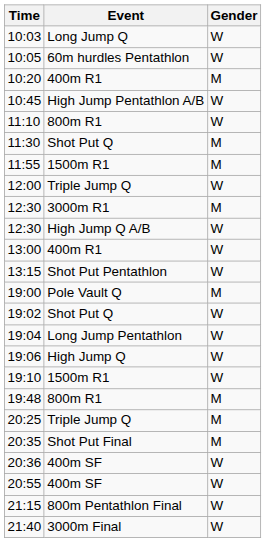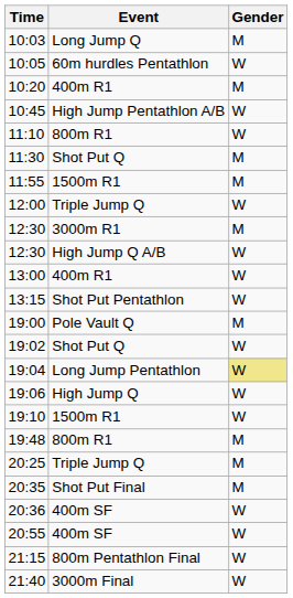 <table class="wikitable" style="display: inline-table;">
 <tr>
 <th>Time</th>
 <th>Event</th>
 <th>Gender</th>
 </tr>
 <tr>
 <td>10:03</td>
 <td>Long Jump Q</td>
-<td>W</td>
+<td>M</td>
 </tr>
 <tr>
 <td>10:05</td>
 <td>60m hurdles Pentathlon</td>
 <td>W</td>
 </tr>
 <tr>
 <td>10:20</td>
 <td>400m R1</td>
 <td>M</td>
 </tr>
 <tr>
 <td>10:45</td>
 <td>High Jump Pentathlon A/B</td>
 <td>W</td>
 </tr>
 <tr>
 <td>11:10</td>
 <td>800m R1</td>
 <td>W</td>
 </tr>
 <tr>
 <td>11:30</td>
 <td>Shot Put Q</td>
 <td>M</td>
 </tr>
 <tr>
 <td>11:55</td>
 <td>1500m R1</td>
 <td>M</td>
 </tr>
 <tr>
 <td>12:00</td>
 <td>Triple Jump Q</td>
 <td>W</td>
 </tr>
 <tr>
 <td>12:30</td>
 <td>3000m R1</td>
 <td>M</td>
 </tr>
 <tr>
 <td>12:30</td>
 <td>High Jump Q A/B</td>
 <td>W</td>
 </tr>
 <tr>
 <td>13:00</td>
 <td>400m R1</td>
 <td>W</td>
 </tr>
 <tr>
 <td>13:15</td>
 <td>Shot Put Pentathlon</td>
 <td>W</td>
 </tr>
 <tr>
 <td>19:00</td>
 <td>Pole Vault Q</td>
 <td>M</td>
 </tr>
 <tr>
 <td>19:02</td>
 <td>Shot Put Q</td>
 <td>W</td>
 </tr>
 <tr>
 <td>19:04</td>
 <td>Long Jump Pentathlon</td>
-<td>W</td>
+<td style="background: khaki;">W</td>
 </tr>
 <tr>
 <td>19:06</td>
 <td>High Jump Q</td>
 <td>W</td>
 </tr>
 <tr>
 <td>19:10</td>
 <td>1500m R1</td>
 <td>W</td>
 </tr>
 <tr>
 <td>19:48</td>
 <td>800m R1</td>
 <td>M</td>
 </tr>
 <tr>
 <td>20:25</td>
 <td>Triple Jump Q</td>
 <td>M</td>
 </tr>
 <tr>
 <td>20:35</td>
 <td>Shot Put Final</td>
 <td>M</td>
 </tr>
 <tr>
 <td>20:36</td>
 <td>400m SF</td>
 <td>W</td>
 </tr>
 <tr>
 <td>20:55</td>
 <td>400m SF</td>
 <td>W</td>
 </tr>
 <tr>
 <td>21:15</td>
 <td>800m Pentathlon Final</td>
 <td>W</td>
 </tr>
 <tr>
 <td>21:40</td>
 <td>3000m Final</td>
 <td>W</td>
 </tr>
 </table>
